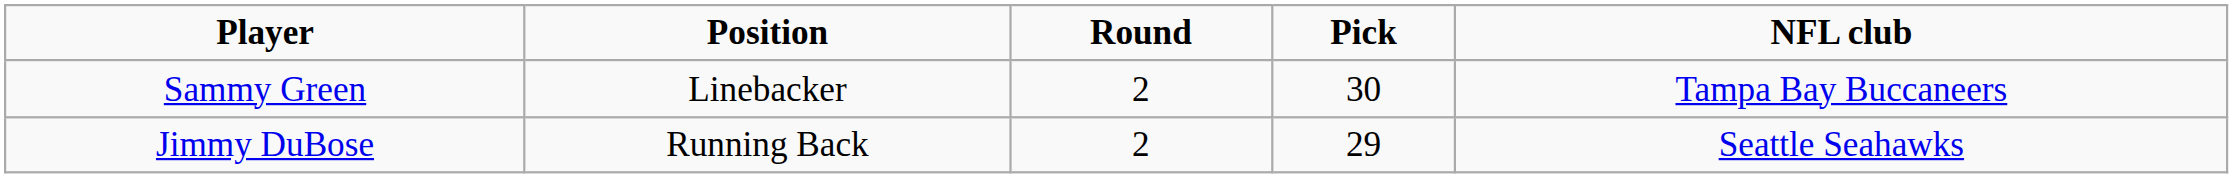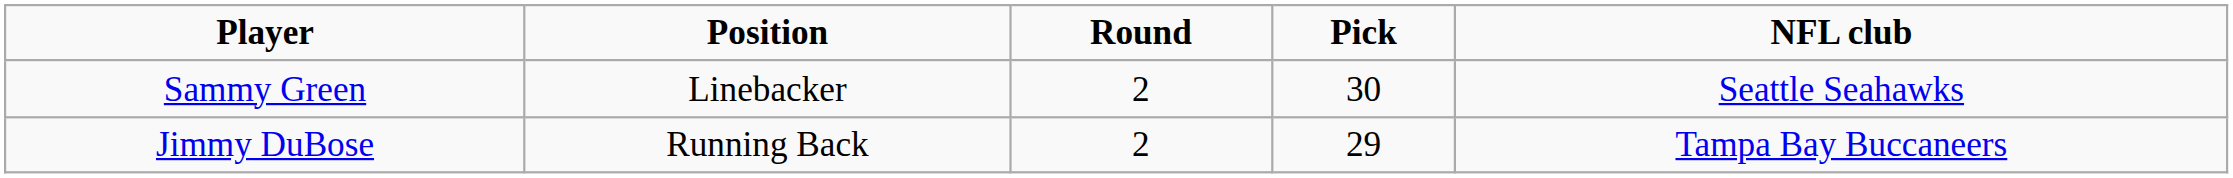 <table class="wikitable" width="80%">
 <tr align="center">
 <td><strong>Player</strong></td>
 <td><strong>Position</strong></td>
 <td><strong>Round</strong></td>
 <td><strong>Pick</strong></td>
 <td><strong>NFL club</strong></td>
 </tr>
 <tr align="center" bgcolor="">
 <td><a href='#'>Sammy Green</a></td>
 <td>Linebacker</td>
 <td>2</td>
 <td>30</td>
-<td><a href='#'>Tampa Bay Buccaneers</a></td>
+<td><a href='#'>Seattle Seahawks</a></td>
 </tr>
 <tr align="center" bgcolor="">
 <td><a href='#'>Jimmy DuBose</a></td>
 <td>Running Back</td>
 <td>2</td>
 <td>29</td>
-<td><a href='#'>Seattle Seahawks</a></td>
+<td><a href='#'>Tampa Bay Buccaneers</a></td>
 </tr>
 </table>
